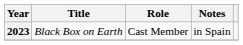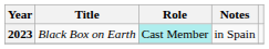 <table class="wikitable sortable plainrowheaders">
 <tr>
 <th scope="col">Year</th>
 <th scope="col">Title</th>
 <th scope="col">Role</th>
 <th scope="col" class="unsortable">Notes</th>
 <th scope="col" class="unsortable"></th>
 </tr>
 <tr>
 <th scope="row">2023</th>
 <td><em>Black Box on Earth</em></td>
-<td>Cast Member</td>
+<td style="background: paleturquoise;">Cast Member</td>
 <td>in Spain</td>
 <td></td>
 </tr>
 <tr>
 </tr>
 </table>
